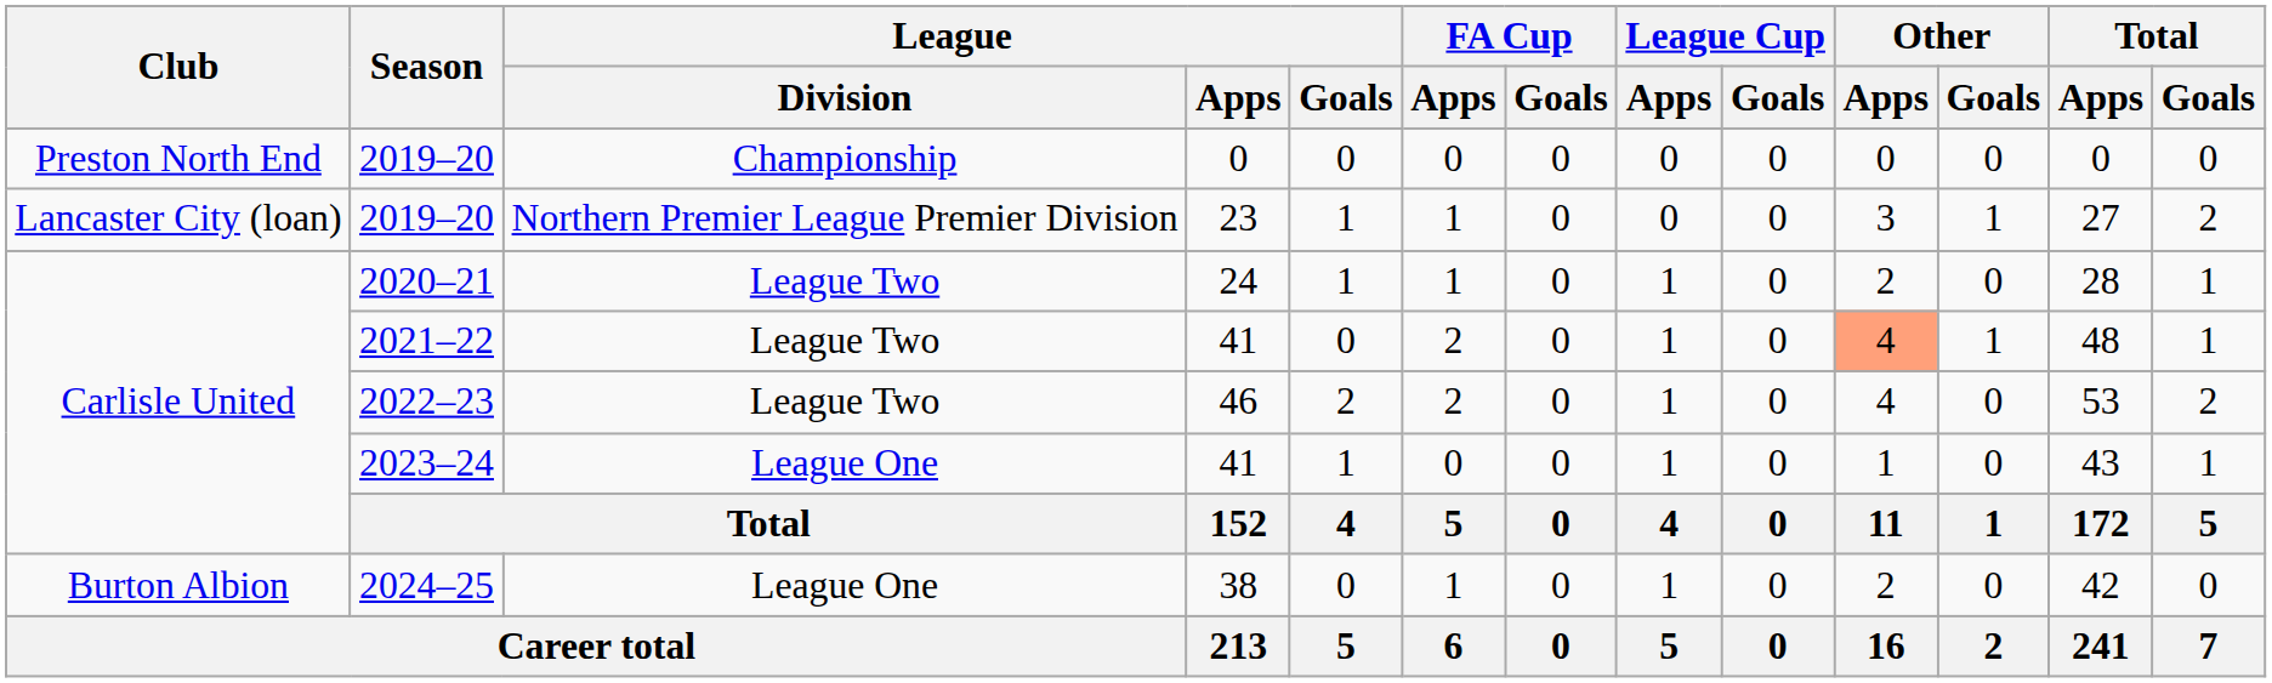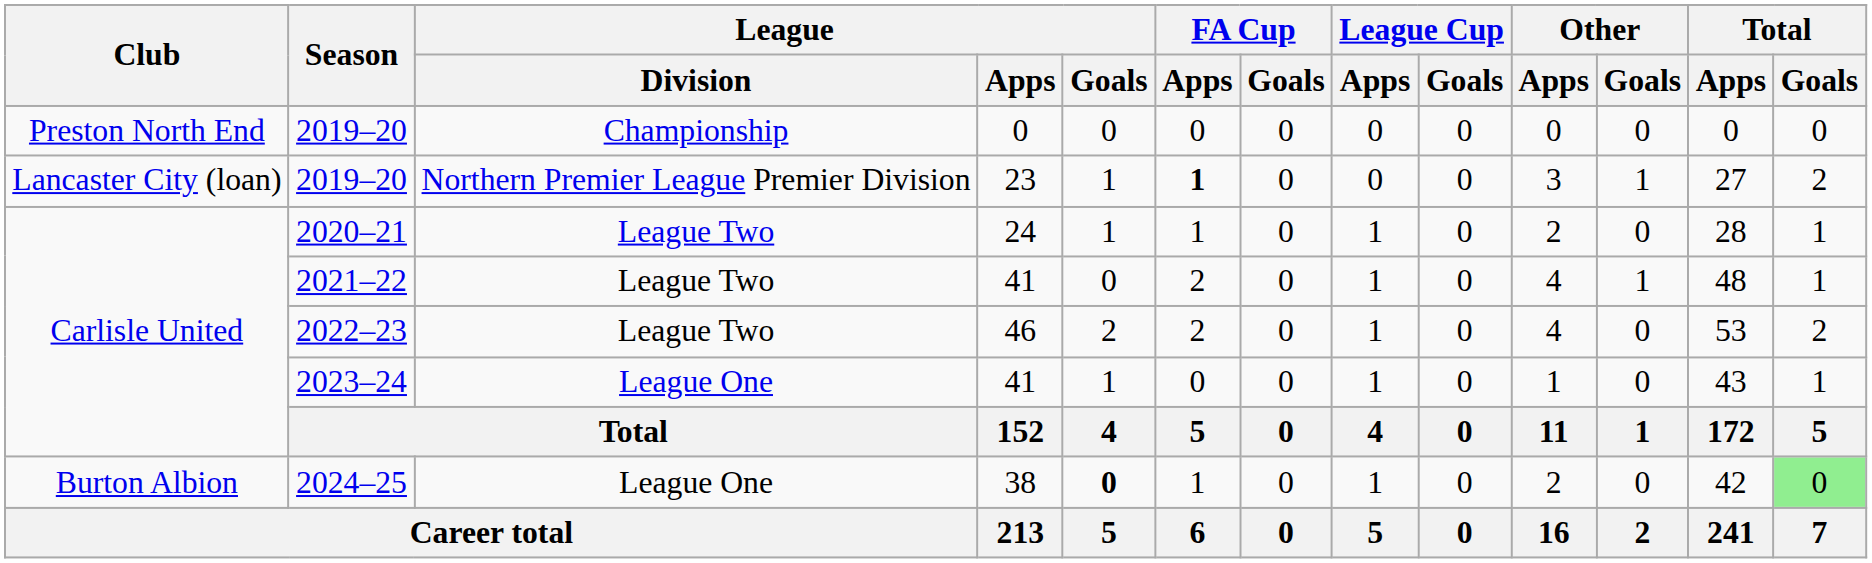 <table class="wikitable" style="text-align:center">
 <tr>
 <th rowspan="2">Club</th>
 <th rowspan="2">Season</th>
 <th colspan="3">League</th>
 <th colspan="2"><a href='#'>FA Cup</a></th>
 <th colspan="2"><a href='#'>League Cup</a></th>
 <th colspan="2">Other</th>
 <th colspan="2">Total</th>
 </tr>
 <tr>
 <th>Division</th>
 <th>Apps</th>
 <th>Goals</th>
 <th>Apps</th>
 <th>Goals</th>
 <th>Apps</th>
 <th>Goals</th>
 <th>Apps</th>
 <th>Goals</th>
 <th>Apps</th>
 <th>Goals</th>
 </tr>
 <tr>
 <td><a href='#'>Preston North End</a></td>
 <td><a href='#'>2019–20</a></td>
 <td><a href='#'>Championship</a></td>
 <td>0</td>
 <td>0</td>
 <td>0</td>
 <td>0</td>
 <td>0</td>
 <td>0</td>
 <td>0</td>
 <td>0</td>
 <td>0</td>
 <td>0</td>
 </tr>
 <tr>
 <td><a href='#'>Lancaster City</a> (loan)</td>
 <td><a href='#'>2019–20</a></td>
 <td><a href='#'>Northern Premier League</a> Premier Division</td>
 <td>23</td>
 <td>1</td>
-<td>1</td>
+<td><strong>1</strong></td>
 <td>0</td>
 <td>0</td>
 <td>0</td>
 <td>3</td>
 <td>1</td>
 <td>27</td>
 <td>2</td>
 </tr>
 <tr>
 <td rowspan="5"><a href='#'>Carlisle United</a></td>
 <td><a href='#'>2020–21</a></td>
 <td><a href='#'>League Two</a></td>
 <td>24</td>
 <td>1</td>
 <td>1</td>
 <td>0</td>
 <td>1</td>
 <td>0</td>
 <td>2</td>
 <td>0</td>
 <td>28</td>
 <td>1</td>
 </tr>
 <tr>
 <td><a href='#'>2021–22</a></td>
 <td>League Two</td>
 <td>41</td>
 <td>0</td>
 <td>2</td>
 <td>0</td>
 <td>1</td>
 <td>0</td>
-<td style="background: lightsalmon;">4</td>
+<td>4</td>
 <td>1</td>
 <td>48</td>
 <td>1</td>
 </tr>
 <tr>
 <td><a href='#'>2022–23</a></td>
 <td>League Two</td>
 <td>46</td>
 <td>2</td>
 <td>2</td>
 <td>0</td>
 <td>1</td>
 <td>0</td>
 <td>4</td>
 <td>0</td>
 <td>53</td>
 <td>2</td>
 </tr>
 <tr>
 <td><a href='#'>2023–24</a></td>
 <td><a href='#'>League One</a></td>
 <td>41</td>
 <td>1</td>
 <td>0</td>
 <td>0</td>
 <td>1</td>
 <td>0</td>
 <td>1</td>
 <td>0</td>
 <td>43</td>
 <td>1</td>
 </tr>
 <tr>
 <th colspan="2">Total</th>
 <th>152</th>
 <th>4</th>
 <th>5</th>
 <th>0</th>
 <th>4</th>
 <th>0</th>
 <th>11</th>
 <th>1</th>
 <th>172</th>
 <th>5</th>
 </tr>
 <tr>
 <td><a href='#'>Burton Albion</a></td>
 <td><a href='#'>2024–25</a></td>
 <td>League One</td>
 <td>38</td>
-<td>0</td>
+<td><strong>0</strong></td>
 <td>1</td>
 <td>0</td>
 <td>1</td>
 <td>0</td>
 <td>2</td>
 <td>0</td>
 <td>42</td>
-<td>0</td>
+<td style="background: lightgreen;">0</td>
 </tr>
 <tr>
 <th colspan="3">Career total</th>
 <th>213</th>
 <th>5</th>
 <th>6</th>
 <th>0</th>
 <th>5</th>
 <th>0</th>
 <th>16</th>
 <th>2</th>
 <th>241</th>
 <th>7</th>
 </tr>
 </table>
